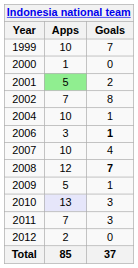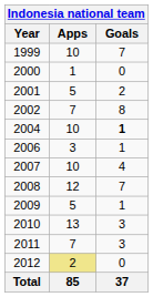 <table class="wikitable" style="text-align:center">
 <tr>
 <th colspan=3><a href='#'>Indonesia national team</a></th>
 </tr>
 <tr>
 <th>Year</th>
 <th>Apps</th>
 <th>Goals</th>
 </tr>
 <tr>
 <td>1999</td>
 <td>10</td>
 <td>7</td>
 </tr>
 <tr>
 <td>2000</td>
 <td>1</td>
 <td>0</td>
 </tr>
 <tr>
 <td>2001</td>
-<td style="background: lightgreen;">5</td>
+<td>5</td>
 <td>2</td>
 </tr>
 <tr>
 <td>2002</td>
 <td>7</td>
 <td>8</td>
 </tr>
 <tr>
 <td>2004</td>
 <td>10</td>
-<td>1</td>
+<td><strong>1</strong></td>
 </tr>
 <tr>
 <td>2006</td>
 <td>3</td>
-<td><strong>1</strong></td>
+<td>1</td>
 </tr>
 <tr>
 <td>2007</td>
 <td>10</td>
 <td>4</td>
 </tr>
 <tr>
 <td>2008</td>
 <td>12</td>
-<td><strong>7</strong></td>
+<td>7</td>
 </tr>
 <tr>
 <td>2009</td>
 <td>5</td>
 <td>1</td>
 </tr>
 <tr>
 <td>2010</td>
-<td style="background: lavender;">13</td>
+<td>13</td>
 <td>3</td>
 </tr>
 <tr>
 <td>2011</td>
 <td>7</td>
 <td>3</td>
 </tr>
 <tr>
 <td>2012</td>
-<td>2</td>
+<td style="background: khaki;">2</td>
 <td>0</td>
 </tr>
 <tr>
 <th>Total</th>
 <th>85</th>
 <th>37</th>
 </tr>
 </table>
